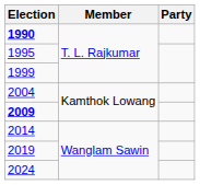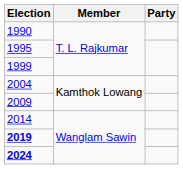 <table class="wikitable sortable">
 <tr>
 <th>Election</th>
 <th>Member</th>
 <th colspan=2>Party</th>
 </tr>
 <tr>
-<td><strong><a href='#'>1990</a></strong></td>
+<td><a href='#'>1990</a></td>
 <td rowspan=3><a href='#'>T. L. Rajkumar</a></td>
 <td></td>
 </tr>
 <tr>
 <td><a href='#'>1995</a></td>
 </tr>
 <tr>
 <td><a href='#'>1999</a></td>
 </tr>
 <tr>
 <td><a href='#'>2004</a></td>
 <td rowspan=2>Kamthok Lowang</td>
 <td></td>
 </tr>
 <tr>
-<td><strong><a href='#'>2009</a></strong></td>
+<td><a href='#'>2009</a></td>
 <td></td>
 </tr>
 <tr>
 <td><a href='#'>2014</a></td>
 <td rowspan=3><a href='#'>Wanglam Sawin</a></td>
 <td></td>
 </tr>
 <tr>
-<td><a href='#'>2019</a></td>
+<td><strong><a href='#'>2019</a></strong></td>
 <td></td>
 </tr>
 <tr>
-<td><a href='#'>2024</a></td>
+<td><strong><a href='#'>2024</a></strong></td>
 <td></td>
 </tr>
 </table>
